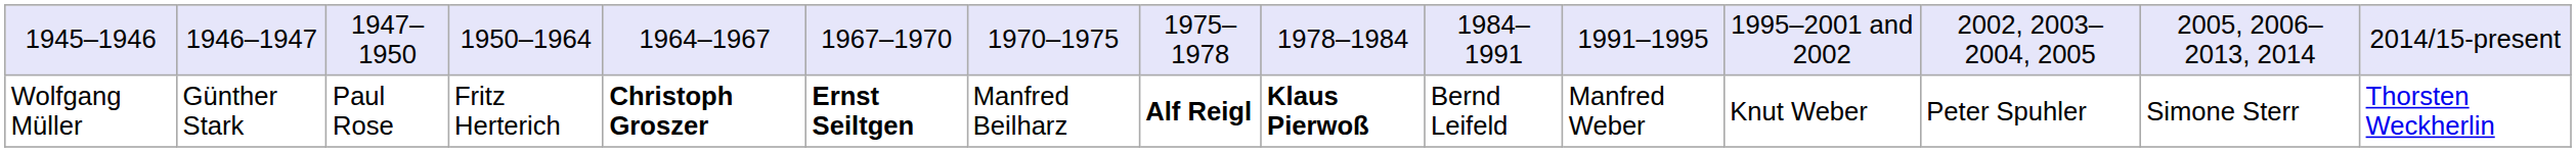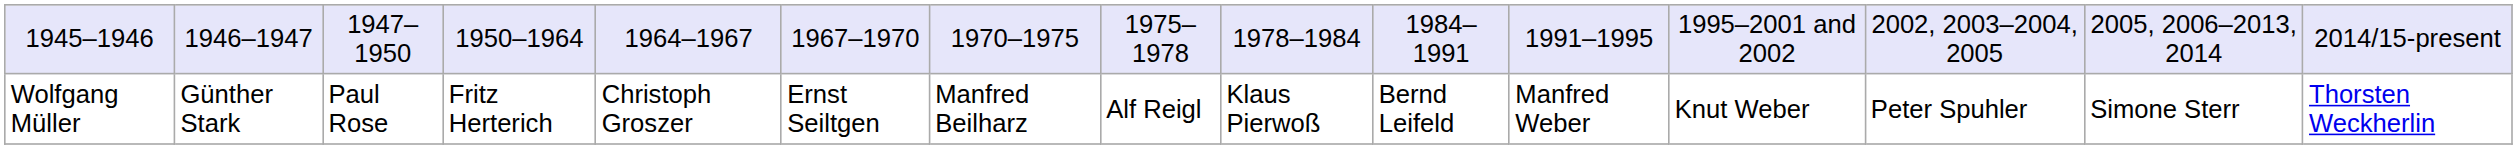 <table class="wikitable">
 <tr style="background:lavender" align="center">
 <td>1945–1946</td>
 <td>1946–1947</td>
 <td>1947–1950</td>
 <td>1950–1964</td>
 <td>1964–1967</td>
 <td>1967–1970</td>
 <td>1970–1975</td>
 <td>1975–1978</td>
 <td>1978–1984</td>
 <td>1984–1991</td>
 <td>1991–1995</td>
 <td>1995–2001 and 2002</td>
 <td>2002, 2003–2004, 2005</td>
 <td>2005, 2006–2013, 2014</td>
 <td>2014/15-present</td>
 </tr>
 <tr style="background:white">
 <td>Wolfgang Müller</td>
 <td>Günther Stark</td>
 <td>Paul Rose</td>
 <td>Fritz Herterich</td>
-<td><strong>Christoph Groszer</strong></td>
-<td><strong>Ernst Seiltgen</strong></td>
+<td>Christoph Groszer</td>
+<td>Ernst Seiltgen</td>
 <td>Manfred Beilharz</td>
-<td><strong>Alf Reigl</strong></td>
-<td><strong>Klaus Pierwoß</strong></td>
+<td>Alf Reigl</td>
+<td>Klaus Pierwoß</td>
 <td>Bernd Leifeld</td>
 <td>Manfred Weber</td>
 <td>Knut Weber</td>
 <td>Peter Spuhler</td>
 <td>Simone Sterr</td>
 <td><a href='#'>Thorsten Weckherlin</a></td>
 </tr>
 </table>
